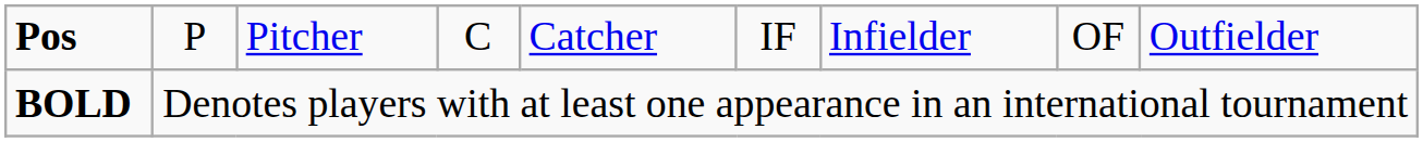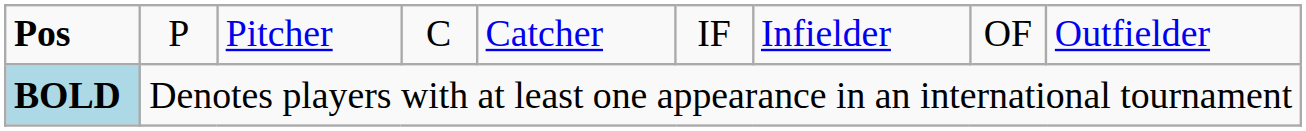 <table class="wikitable">
 <tr>
 <td width="50px"><strong>Pos</strong></td>
 <td width="25px" align="center">P</td>
 <td><a href='#'>Pitcher</a></td>
 <td width="25px" align="center">C</td>
 <td><a href='#'>Catcher</a></td>
 <td width="25px" align="center">IF</td>
 <td><a href='#'>Infielder</a></td>
 <td width="25px" align="center">OF</td>
 <td><a href='#'>Outfielder</a></td>
 </tr>
 <tr>
-<td><strong>BOLD</strong></td>
+<td style="background: lightblue;"><strong>BOLD</strong></td>
 <td colspan="8">Denotes players with at least one appearance in an international tournament</td>
 </tr>
 </table>
